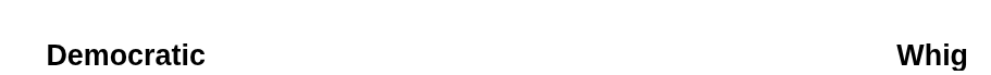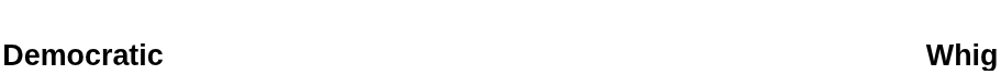 <table style="width:70%; text-align:center;">
 <tr style="color:white;">
 <td style="background:"><strong>148</strong></td>
+<td style="background:"><strong>2</strong></td>
 <td style="background:"><strong>73</strong></td>
 </tr>
 <tr>
 <td><span><strong>Democratic</strong></span></td>
+<td></td>
 <td><span><strong>Whig</strong></span></td>
 </tr>
 </table>
